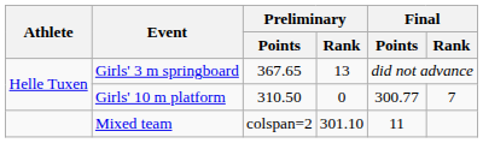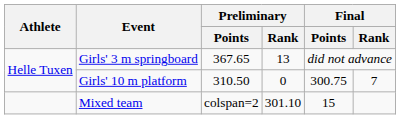 <table class="wikitable" style="text-align:center;font-size:90%">
 <tr>
 <th rowspan=2>Athlete</th>
 <th rowspan=2>Event</th>
 <th colspan=2>Preliminary</th>
 <th colspan=2>Final</th>
 </tr>
 <tr>
 <th>Points</th>
 <th>Rank</th>
 <th>Points</th>
 <th>Rank</th>
 </tr>
 <tr>
 <td align=left rowspan=2><a href='#'>Helle Tuxen</a></td>
 <td align=left><a href='#'>Girls' 3 m springboard</a></td>
 <td>367.65</td>
 <td>13</td>
 <td Colspan=2><em>did not advance</em></td>
 </tr>
 <tr>
 <td align=left><a href='#'>Girls' 10 m platform</a></td>
 <td>310.50</td>
 <td>0</td>
-<td>300.77</td>
+<td>300.75</td>
 <td>7</td>
 </tr>
 <tr>
 <td align=left><br></td>
 <td align=left><a href='#'>Mixed team</a></td>
 <td>colspan=2 </td>
 <td>301.10</td>
-<td>11</td>
+<td>15</td>
 </tr>
 </table>
